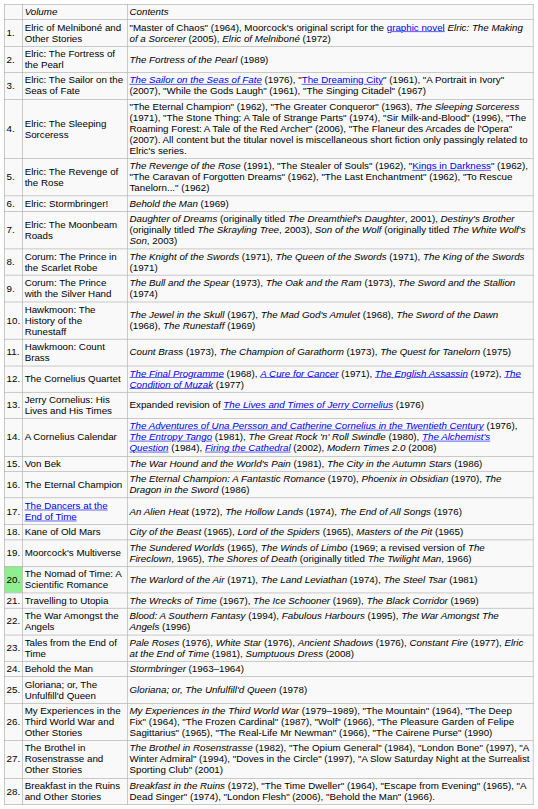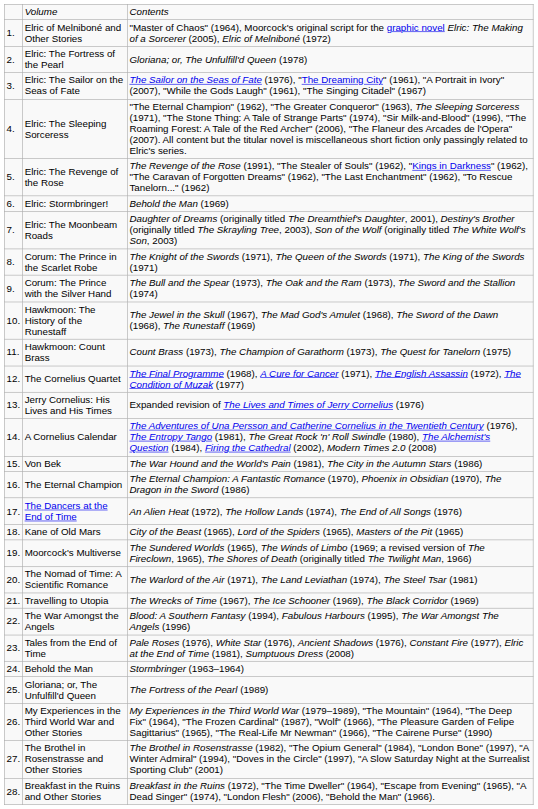 <table class="wikitable">
 <tr>
 <td></td>
 <td><em>Volume</em></td>
 <td><em>Contents</em></td>
 </tr>
 <tr>
 <td>1.</td>
 <td>Elric of Melniboné and Other Stories</td>
 <td>"Master of Chaos" (1964), Moorcock's original script for the <a href='#'>graphic novel</a> <em>Elric: The Making of a Sorcerer</em> (2005), <em>Elric of Melniboné</em> (1972)</td>
 </tr>
 <tr>
 <td>2.</td>
 <td>Elric: The Fortress of the Pearl</td>
-<td><em>The Fortress of the Pearl</em> (1989)</td>
+<td><em>Gloriana; or, The Unfulfill'd Queen</em> (1978)</td>
 </tr>
 <tr>
 <td>3.</td>
 <td>Elric: The Sailor on the Seas of Fate</td>
 <td><em><a href='#'>The Sailor on the Seas of Fate</a></em> (1976), "<a href='#'>The Dreaming City</a>" (1961), "A Portrait in Ivory" (2007), "While the Gods Laugh" (1961), "The Singing Citadel" (1967)</td>
 </tr>
 <tr>
 <td>4.</td>
 <td>Elric: The Sleeping Sorceress</td>
 <td>"The Eternal Champion" (1962), "The Greater Conqueror" (1963), <em>The Sleeping Sorceress</em> (1971), "The Stone Thing: A Tale of Strange Parts" (1974), "Sir Milk-and-Blood" (1996), "The Roaming Forest: A Tale of the Red Archer" (2006), "The Flaneur des Arcades de l'Opera" (2007). All content but the titular novel is miscellaneous short fiction only passingly related to Elric's series.</td>
 </tr>
 <tr>
 <td>5.</td>
 <td>Elric: The Revenge of the Rose</td>
 <td><em>The Revenge of the Rose</em> (1991), "The Stealer of Souls" (1962), "<a href='#'>Kings in Darkness</a>" (1962), "The Caravan of Forgotten Dreams" (1962), "The Last Enchantment" (1962), "To Rescue Tanelorn..." (1962)</td>
 </tr>
 <tr>
 <td>6.</td>
 <td>Elric: Stormbringer!</td>
 <td><em>Behold the Man</em> (1969)</td>
 </tr>
 <tr>
 <td>7.</td>
 <td>Elric: The Moonbeam Roads</td>
 <td><em>Daughter of Dreams</em> (originally titled <em>The Dreamthief's Daughter</em>, 2001), <em>Destiny's Brother</em> (originally titled <em>The Skrayling Tree</em>, 2003), <em>Son of the Wolf</em> (originally titled <em>The White Wolf's Son</em>, 2003)</td>
 </tr>
 <tr>
 <td>8.</td>
 <td>Corum: The Prince in the Scarlet Robe</td>
 <td><em>The Knight of the Swords</em> (1971), <em>The Queen of the Swords</em> (1971), <em>The King of the Swords</em> (1971)</td>
 </tr>
 <tr>
 <td>9.</td>
 <td>Corum: The Prince with the Silver Hand</td>
 <td><em>The Bull and the Spear</em> (1973), <em>The Oak and the Ram</em> (1973), <em>The Sword and the Stallion</em> (1974)</td>
 </tr>
 <tr>
 <td>10.</td>
 <td>Hawkmoon: The History of the Runestaff</td>
 <td><em>The Jewel in the Skull</em> (1967), <em>The Mad God's Amulet</em> (1968), <em>The Sword of the Dawn</em> (1968), <em>The Runestaff</em> (1969)</td>
 </tr>
 <tr>
 <td>11.</td>
 <td>Hawkmoon: Count Brass</td>
 <td><em>Count Brass</em> (1973), <em>The Champion of Garathorm</em> (1973), <em>The Quest for Tanelorn</em> (1975)</td>
 </tr>
 <tr>
 <td>12.</td>
 <td>The Cornelius Quartet</td>
 <td><em><a href='#'>The Final Programme</a></em> (1968), <em><a href='#'>A Cure for Cancer</a></em> (1971), <em><a href='#'>The English Assassin</a></em> (1972), <em><a href='#'>The Condition of Muzak</a></em> (1977)</td>
 </tr>
 <tr>
 <td>13.</td>
 <td>Jerry Cornelius: His Lives and His Times</td>
 <td>Expanded revision of <em><a href='#'>The Lives and Times of Jerry Cornelius</a></em> (1976)</td>
 </tr>
 <tr>
 <td>14.</td>
 <td>A Cornelius Calendar</td>
 <td><em><a href='#'>The Adventures of Una Persson and Catherine Cornelius in the Twentieth Century</a></em> (1976), <em><a href='#'>The Entropy Tango</a></em> (1981), <em>The Great Rock 'n' Roll Swindle</em> (1980), <em><a href='#'>The Alchemist's Question</a></em> (1984), <em><a href='#'>Firing the Cathedral</a></em> (2002), <em>Modern Times 2.0</em> (2008)</td>
 </tr>
 <tr>
 <td>15.</td>
 <td>Von Bek</td>
 <td><em>The War Hound and the World's Pain</em> (1981), <em>The City in the Autumn Stars</em> (1986)</td>
 </tr>
 <tr>
 <td>16.</td>
 <td>The Eternal Champion</td>
 <td><em>The Eternal Champion: A Fantastic Romance</em> (1970), <em>Phoenix in Obsidian</em> (1970), <em>The Dragon in the Sword</em> (1986)</td>
 </tr>
 <tr>
 <td>17.</td>
 <td><a href='#'>The Dancers at the End of Time</a></td>
 <td><em>An Alien Heat</em> (1972), <em>The Hollow Lands</em> (1974), <em>The End of All Songs</em> (1976)</td>
 </tr>
 <tr>
 <td>18.</td>
 <td>Kane of Old Mars</td>
 <td><em>City of the Beast</em> (1965), <em>Lord of the Spiders</em> (1965), <em>Masters of the Pit</em> (1965)</td>
 </tr>
 <tr>
 <td>19.</td>
 <td>Moorcock's Multiverse</td>
 <td><em>The Sundered Worlds</em> (1965), <em>The Winds of Limbo</em> (1969; a revised version of <em>The Fireclown</em>, 1965), <em>The Shores of Death</em> (originally titled <em>The Twilight Man</em>, 1966)</td>
 </tr>
 <tr>
-<td style="background: lightgreen;">20.</td>
+<td>20.</td>
 <td>The Nomad of Time: A Scientific Romance</td>
 <td><em>The Warlord of the Air</em> (1971), <em>The Land Leviathan</em> (1974), <em>The Steel Tsar</em> (1981)</td>
 </tr>
 <tr>
 <td>21.</td>
 <td>Travelling to Utopia</td>
 <td><em>The Wrecks of Time</em> (1967), <em>The Ice Schooner</em> (1969), <em>The Black Corridor</em> (1969)</td>
 </tr>
 <tr>
 <td>22.</td>
 <td>The War Amongst the Angels</td>
 <td><em>Blood: A Southern Fantasy</em> (1994), <em>Fabulous Harbours</em> (1995), <em>The War Amongst The Angels</em> (1996)</td>
 </tr>
 <tr>
 <td>23.</td>
 <td>Tales from the End of Time</td>
 <td><em>Pale Roses</em> (1976), <em>White Star</em> (1976), <em>Ancient Shadows</em> (1976), <em>Constant Fire</em> (1977), <em>Elric at the End of Time</em> (1981), <em>Sumptuous Dress</em> (2008)</td>
 </tr>
 <tr>
 <td>24.</td>
 <td>Behold the Man</td>
 <td><em>Stormbringer</em> (1963–1964)</td>
 </tr>
 <tr>
 <td>25.</td>
 <td>Gloriana; or, The Unfulfill'd Queen</td>
-<td><em>Gloriana; or, The Unfulfill'd Queen</em> (1978)</td>
+<td><em>The Fortress of the Pearl</em> (1989)</td>
 </tr>
 <tr>
 <td>26.</td>
 <td>My Experiences in the Third World War and Other Stories</td>
 <td><em>My Experiences in the Third World War</em> (1979–1989), "The Mountain" (1964), "The Deep Fix" (1964), "The Frozen Cardinal" (1987), "Wolf" (1966), "The Pleasure Garden of Felipe Sagittarius" (1965), "The Real-Life Mr Newman" (1966), "The Cairene Purse" (1990)</td>
 </tr>
 <tr>
 <td>27.</td>
 <td>The Brothel in Rosenstrasse and Other Stories</td>
 <td><em>The Brothel in Rosenstrasse</em> (1982), "The Opium General" (1984), "London Bone" (1997), "A Winter Admiral" (1994), "Doves in the Circle" (1997), "A Slow Saturday Night at the Surrealist Sporting Club" (2001)</td>
 </tr>
 <tr>
 <td>28.</td>
 <td>Breakfast in the Ruins and Other Stories</td>
 <td><em>Breakfast in the Ruins</em> (1972), "The Time Dweller" (1964), "Escape from Evening" (1965), "A Dead Singer" (1974), "London Flesh" (2006), "Behold the Man" (1966).</td>
 </tr>
 </table>
